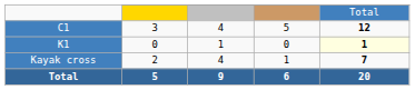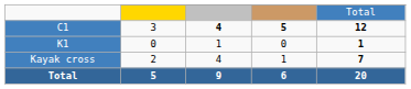 <table class="wikitable"  style="font-size:95%; text-align:center; border:gray solid 1px; width:40%;">
 <tr>
 <td rowspan="2" style="width:3%;"></td>
 </tr>
 <tr>
 <td style="width:2%;" bgcolor=gold></td>
 <td style="width:2%;" bgcolor=silver></td>
 <td style="width:2%;" bgcolor=cc9966></td>
 <td style="width:2%; background-color:#4180be; color:white;">Total</td>
 </tr>
 <tr>
 <td style="background-color:#4180be; color:white;">C1</td>
 <td>3</td>
-<td>4</td>
-<td>5</td>
+<td><strong>4</strong></td>
+<td><strong>5</strong></td>
 <td><strong>12</strong></td>
 </tr>
 <tr>
 <td style="background-color:#4180be; color:white;">K1</td>
 <td>0</td>
 <td>1</td>
 <td>0</td>
-<td style="background: lightyellow;"><strong>1</strong></td>
+<td><strong>1</strong></td>
 </tr>
 <tr>
 <td style="background-color:#4180be; color:white;">Kayak cross</td>
 <td>2</td>
 <td>4</td>
 <td>1</td>
 <td><strong>7</strong></td>
 </tr>
 <tr style="background:#369; color:white;">
 <td><strong>Total</strong></td>
 <td><strong>5</strong></td>
 <td><strong>9</strong></td>
 <td><strong>6</strong></td>
 <td><strong>20</strong></td>
 </tr>
 </table>
